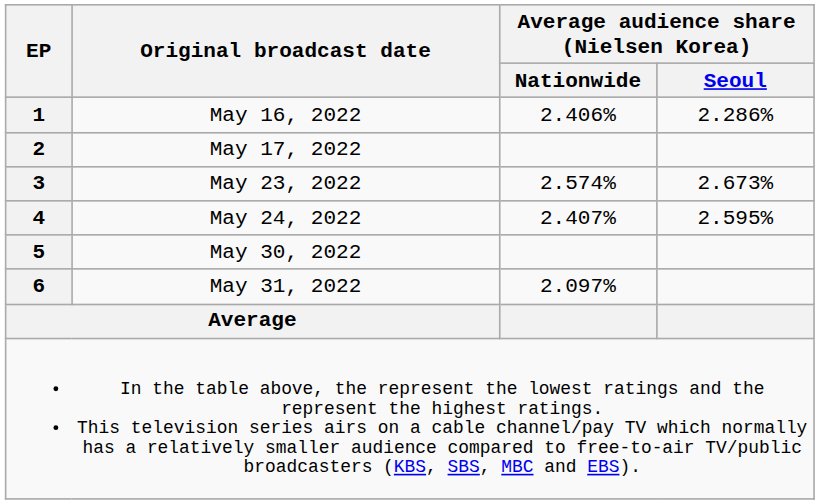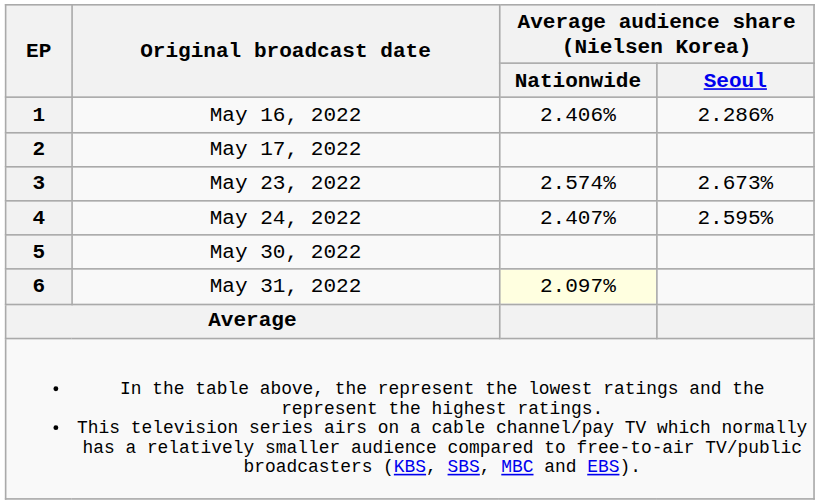 <table class="wikitable" style="text-align:center; max-width:500px; margin-left:auto; margin-right:auto">
 <tr>
 <th scope="col" rowspan="2">EP</th>
 <th scope="col" rowspan="2">Original broadcast date</th>
 <th scope="col" colspan="2">Average audience share<br>(Nielsen Korea)</th>
 </tr>
 <tr>
 <th scope="col" style="width:7em">Nationwide</th>
 <th scope="col" style="width:7em"><a href='#'>Seoul</a></th>
 </tr>
 <tr>
 <th scope="col">1</th>
 <td>May 16, 2022</td>
 <td>2.406% </td>
 <td>2.286% </td>
 </tr>
 <tr>
 <th scope="col">2</th>
 <td>May 17, 2022</td>
 <td> </td>
 <td> </td>
 </tr>
 <tr>
 <th scope="col">3</th>
 <td>May 23, 2022</td>
 <td>2.574% </td>
 <td>2.673% </td>
 </tr>
 <tr>
 <th scope="col">4</th>
 <td>May 24, 2022</td>
 <td>2.407% </td>
 <td>2.595% </td>
 </tr>
 <tr>
 <th scope="col">5</th>
 <td>May 30, 2022</td>
 <td> </td>
 <td></td>
 </tr>
 <tr>
 <th scope="col">6</th>
 <td>May 31, 2022</td>
-<td>2.097% </td>
+<td style="background: lightyellow;">2.097% </td>
 <td> </td>
 </tr>
 <tr>
 <th colspan="2" scope="col">Average</th>
 <th scope="col"></th>
 <th scope="col"></th>
 </tr>
 <tr>
 <td colspan="4" style="font-size:85%"><br><ul><li>In the table above, the  represent the lowest ratings and the  represent the highest ratings.</li><li>This television series airs on a cable channel/pay TV which normally has a relatively smaller audience compared to free-to-air TV/public broadcasters (<a href='#'>KBS</a>, <a href='#'>SBS</a>, <a href='#'>MBC</a> and <a href='#'>EBS</a>).</li></ul></td>
 </tr>
 </table>
